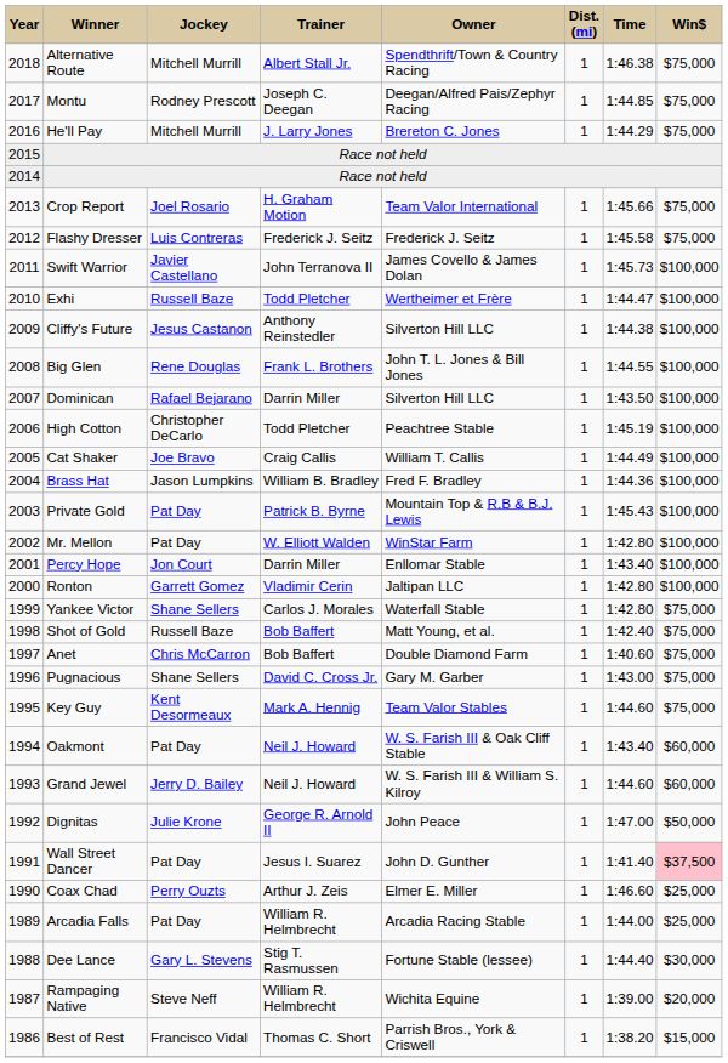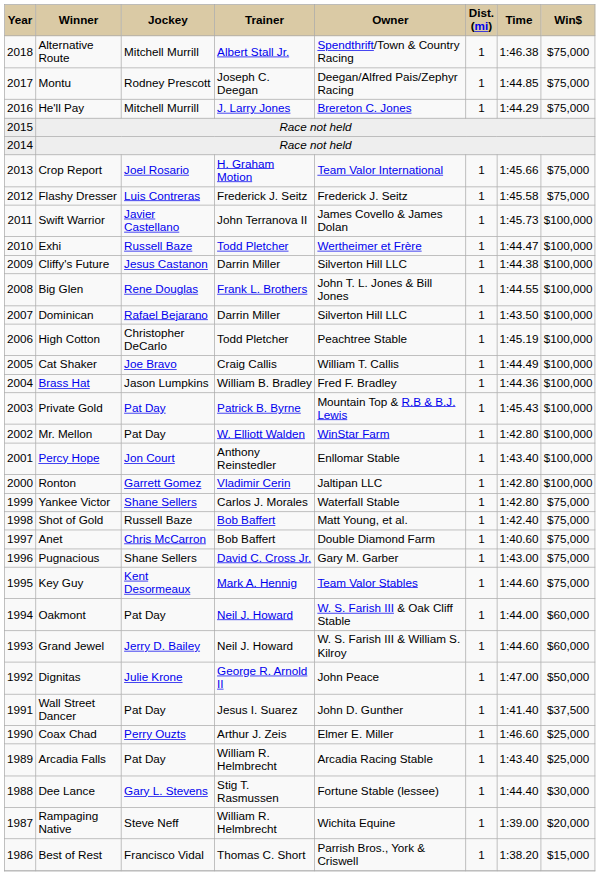 <table class="wikitable sortable">
 <tr>
 <th style="background-color:#DACAA5; width:30px">Year<br></th>
 <th style="background-color:#DACAA5; width:110px">Winner<br></th>
 <th style="background-color:#DACAA5; width:120px">Jockey<br></th>
 <th style="background-color:#DACAA5; width:130px">Trainer<br></th>
 <th style="background-color:#DACAA5; width:200px">Owner<br></th>
 <th style="background-color:#DACAA5; width:30px">Dist.<br>(<a href='#'>mi</a>)<br></th>
 <th style="background-color:#DACAA5; width:35px">Time <br></th>
 <th style="background-color:#DACAA5; width:35px">Win$<br></th>
 </tr>
 <tr>
 <td align=center>2018</td>
 <td>Alternative Route</td>
 <td>Mitchell Murrill</td>
 <td><a href='#'>Albert Stall Jr.</a></td>
 <td><a href='#'>Spendthrift</a>/Town & Country Racing</td>
 <td align=center>1<span></span></td>
 <td align=center>1:46.38</td>
 <td align=center>$75,000</td>
 </tr>
 <tr>
 <td align=center>2017</td>
 <td>Montu</td>
 <td>Rodney Prescott</td>
 <td>Joseph C. Deegan</td>
 <td>Deegan/Alfred Pais/Zephyr Racing</td>
 <td align=center>1<span></span></td>
 <td align=center>1:44.85</td>
 <td align=center>$75,000</td>
 </tr>
 <tr>
 <td align=center>2016</td>
 <td>He'll Pay</td>
 <td>Mitchell Murrill</td>
 <td><a href='#'>J. Larry Jones</a></td>
 <td><a href='#'>Brereton C. Jones</a></td>
 <td align=center>1<span></span></td>
 <td align=center>1:44.29</td>
 <td align=center>$75,000</td>
 </tr>
 <tr bgcolor="#eeeeee">
 <td align=center>2015</td>
 <td align=center  colspan=9><em>Race not held</em></td>
 </tr>
 <tr bgcolor="#eeeeee">
 <td align=center>2014</td>
 <td align=center  colspan=9><em>Race not held</em></td>
 </tr>
 <tr>
 <td align=center>2013</td>
 <td>Crop Report</td>
 <td><a href='#'>Joel Rosario</a></td>
 <td><a href='#'>H. Graham Motion</a></td>
 <td><a href='#'>Team Valor International</a></td>
 <td align=center>1<span></span></td>
 <td align=center>1:45.66</td>
 <td align=center>$75,000</td>
 </tr>
 <tr>
 <td align=center>2012</td>
 <td>Flashy Dresser</td>
 <td><a href='#'>Luis Contreras</a></td>
 <td>Frederick J. Seitz</td>
 <td>Frederick J. Seitz</td>
 <td align=center>1<span></span></td>
 <td align=center>1:45.58</td>
 <td align=center>$75,000</td>
 </tr>
 <tr>
 <td align=center>2011</td>
 <td>Swift Warrior</td>
 <td><a href='#'>Javier Castellano</a></td>
 <td>John Terranova II</td>
 <td>James Covello & James Dolan</td>
 <td align=center>1<span></span></td>
 <td align=center>1:45.73</td>
 <td align=center>$100,000</td>
 </tr>
 <tr>
 <td align=center>2010</td>
 <td>Exhi</td>
 <td><a href='#'>Russell Baze</a></td>
 <td><a href='#'>Todd Pletcher</a></td>
 <td><a href='#'>Wertheimer et Frère</a></td>
 <td align=center>1<span></span></td>
 <td align=center>1:44.47</td>
 <td align=center>$100,000</td>
 </tr>
 <tr>
 <td align=center>2009</td>
 <td>Cliffy's Future</td>
 <td><a href='#'>Jesus Castanon</a></td>
-<td>Anthony Reinstedler</td>
+<td>Darrin Miller</td>
 <td>Silverton Hill LLC</td>
 <td align=center>1<span></span></td>
 <td align=center>1:44.38</td>
 <td align=center>$100,000</td>
 </tr>
 <tr>
 <td align=center>2008</td>
 <td>Big Glen</td>
 <td><a href='#'>Rene Douglas</a></td>
 <td><a href='#'>Frank L. Brothers</a></td>
 <td>John T. L. Jones & Bill Jones</td>
 <td align=center>1<span></span></td>
 <td align=center>1:44.55</td>
 <td align=center>$100,000</td>
 </tr>
 <tr>
 <td align=center>2007</td>
 <td>Dominican</td>
 <td><a href='#'>Rafael Bejarano</a></td>
 <td>Darrin Miller</td>
 <td>Silverton Hill LLC</td>
 <td align=center>1<span></span></td>
 <td align=center>1:43.50</td>
 <td align=center>$100,000</td>
 </tr>
 <tr>
 <td align=center>2006</td>
 <td>High Cotton</td>
 <td>Christopher DeCarlo</td>
 <td>Todd Pletcher</td>
 <td>Peachtree Stable</td>
 <td align=center>1<span></span></td>
 <td align=center>1:45.19</td>
 <td align=center>$100,000</td>
 </tr>
 <tr>
 <td align=center>2005</td>
 <td>Cat Shaker</td>
 <td><a href='#'>Joe Bravo</a></td>
 <td>Craig Callis</td>
 <td>William T. Callis</td>
 <td align=center>1<span></span></td>
 <td align=center>1:44.49</td>
 <td align=center>$100,000</td>
 </tr>
 <tr>
 <td align=center>2004</td>
 <td><a href='#'>Brass Hat</a></td>
 <td>Jason Lumpkins</td>
 <td>William B. Bradley</td>
 <td>Fred F. Bradley</td>
 <td align=center>1<span></span></td>
 <td align=center>1:44.36</td>
 <td align=center>$100,000</td>
 </tr>
 <tr>
 <td align=center>2003</td>
 <td>Private Gold</td>
 <td><a href='#'>Pat Day</a></td>
 <td><a href='#'>Patrick B. Byrne</a></td>
 <td>Mountain Top & <a href='#'>R.B & B.J. Lewis</a></td>
 <td align=center>1<span></span></td>
 <td align=center>1:45.43</td>
 <td align=center>$100,000</td>
 </tr>
 <tr>
 <td align=center>2002</td>
 <td>Mr. Mellon</td>
 <td>Pat Day</td>
 <td><a href='#'>W. Elliott Walden</a></td>
 <td><a href='#'>WinStar Farm</a></td>
 <td align=center>1<span></span></td>
 <td align=center>1:42.80</td>
 <td align=center>$100,000</td>
 </tr>
 <tr>
 <td align=center>2001</td>
 <td><a href='#'>Percy Hope</a></td>
 <td><a href='#'>Jon Court</a></td>
-<td>Darrin Miller</td>
+<td>Anthony Reinstedler</td>
 <td>Enllomar Stable</td>
 <td align=center>1<span></span></td>
 <td align=center>1:43.40</td>
 <td align=center>$100,000</td>
 </tr>
 <tr>
 <td align=center>2000</td>
 <td>Ronton</td>
 <td><a href='#'>Garrett Gomez</a></td>
 <td><a href='#'>Vladimir Cerin</a></td>
 <td>Jaltipan LLC</td>
 <td align=center>1<span></span></td>
 <td align=center>1:42.80</td>
 <td align=center>$100,000</td>
 </tr>
 <tr>
 <td align=center>1999</td>
 <td>Yankee Victor</td>
 <td><a href='#'>Shane Sellers</a></td>
 <td>Carlos J. Morales</td>
 <td>Waterfall Stable</td>
 <td align=center>1<span></span></td>
 <td align=center>1:42.80</td>
 <td align=center>$75,000</td>
 </tr>
 <tr>
 <td align=center>1998</td>
 <td>Shot of Gold</td>
 <td>Russell Baze</td>
 <td><a href='#'>Bob Baffert</a></td>
 <td>Matt Young, et al.</td>
 <td align=center>1<span></span></td>
 <td align=center>1:42.40</td>
 <td align=center>$75,000</td>
 </tr>
 <tr>
 <td align=center>1997</td>
 <td>Anet</td>
 <td><a href='#'>Chris McCarron</a></td>
 <td>Bob Baffert</td>
 <td>Double Diamond Farm</td>
 <td align=center>1<span></span></td>
 <td align=center>1:40.60</td>
 <td align=center>$75,000</td>
 </tr>
 <tr>
 <td align=center>1996</td>
 <td>Pugnacious</td>
 <td>Shane Sellers</td>
 <td><a href='#'>David C. Cross Jr.</a></td>
 <td>Gary M. Garber</td>
 <td align=center>1<span></span></td>
 <td align=center>1:43.00</td>
 <td align=center>$75,000</td>
 </tr>
 <tr>
 <td align=center>1995</td>
 <td>Key Guy</td>
 <td><a href='#'>Kent Desormeaux</a></td>
 <td><a href='#'>Mark A. Hennig</a></td>
 <td><a href='#'>Team Valor Stables</a></td>
 <td align=center>1<span></span></td>
 <td align=center>1:44.60</td>
 <td align=center>$75,000</td>
 </tr>
 <tr>
 <td align=center>1994</td>
 <td>Oakmont</td>
 <td>Pat Day</td>
 <td><a href='#'>Neil J. Howard</a></td>
 <td><a href='#'>W. S. Farish III</a> & Oak Cliff Stable</td>
 <td align=center>1<span></span></td>
-<td align=center>1:43.40</td>
+<td align=center>1:44.00</td>
 <td align=center>$60,000</td>
 </tr>
 <tr>
 <td align=center>1993</td>
 <td>Grand Jewel</td>
 <td><a href='#'>Jerry D. Bailey</a></td>
 <td>Neil J. Howard</td>
 <td>W. S. Farish III & William S. Kilroy</td>
 <td align=center>1<span></span></td>
 <td align=center>1:44.60</td>
 <td align=center>$60,000</td>
 </tr>
 <tr>
 <td align=center>1992</td>
 <td>Dignitas</td>
 <td><a href='#'>Julie Krone</a></td>
 <td><a href='#'>George R. Arnold II</a></td>
 <td>John Peace</td>
 <td align=center>1<span></span></td>
 <td align=center>1:47.00</td>
 <td align=center>$50,000</td>
 </tr>
 <tr>
 <td align=center>1991</td>
 <td>Wall Street Dancer</td>
 <td>Pat Day</td>
 <td>Jesus I. Suarez</td>
 <td>John D. Gunther</td>
 <td align=center>1<span></span></td>
 <td align=center>1:41.40</td>
-<td align=center style="background: pink;">$37,500</td>
+<td align=center>$37,500</td>
 </tr>
 <tr>
 <td align=center>1990</td>
 <td>Coax Chad</td>
 <td><a href='#'>Perry Ouzts</a></td>
 <td>Arthur J. Zeis</td>
 <td>Elmer E. Miller</td>
 <td align=center>1<span></span></td>
 <td align=center>1:46.60</td>
 <td align=center>$25,000</td>
 </tr>
 <tr>
 <td align=center>1989</td>
 <td>Arcadia Falls</td>
 <td>Pat Day</td>
 <td>William R. Helmbrecht</td>
 <td>Arcadia Racing Stable</td>
 <td align=center>1<span></span></td>
-<td align=center>1:44.00</td>
+<td align=center>1:43.40</td>
 <td align=center>$25,000</td>
 </tr>
 <tr>
 <td align=center>1988</td>
 <td>Dee Lance</td>
 <td><a href='#'>Gary L. Stevens</a></td>
 <td>Stig T. Rasmussen</td>
 <td>Fortune Stable (lessee)</td>
 <td align=center>1<span></span></td>
 <td align=center>1:44.40</td>
 <td align=center>$30,000</td>
 </tr>
 <tr>
 <td align=center>1987</td>
 <td>Rampaging Native</td>
 <td>Steve Neff</td>
 <td>William R. Helmbrecht</td>
 <td>Wichita Equine</td>
 <td align=center>1<span></span></td>
 <td align=center>1:39.00</td>
 <td align=center>$20,000</td>
 </tr>
 <tr>
 <td align=center>1986</td>
 <td>Best of Rest</td>
 <td>Francisco Vidal</td>
 <td>Thomas C. Short</td>
 <td>Parrish Bros., York & Criswell</td>
 <td align=center>1<span></span></td>
 <td align=center>1:38.20</td>
 <td align=center>$15,000</td>
 </tr>
 <tr>
 </tr>
 </table>
